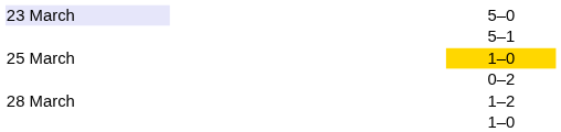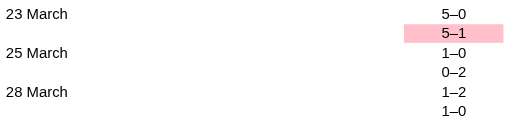 <table cellspacing=1 width=85%>
 <tr>
 <th width=15%></th>
 <th width=25%></th>
 <th width=10%></th>
 <th width=25%></th>
 <th width=25%></th>
 </tr>
 <tr>
-<td style="background: lavender;">23 March</td>
+<td>23 March</td>
 <td align=right></td>
 <td align=center>5–0</td>
 <td></td>
 </tr>
 <tr>
 <td></td>
 <td align=right></td>
-<td align=center>5–1</td>
+<td align=center style="background: pink;">5–1</td>
 <td></td>
 </tr>
 <tr>
 <td>25 March</td>
 <td align=right></td>
-<td align=center style="background: gold;">1–0</td>
+<td align=center>1–0</td>
 <td></td>
 </tr>
 <tr>
 <td></td>
 <td align=right></td>
 <td align=center>0–2</td>
 <td></td>
 </tr>
 <tr>
 <td>28 March</td>
 <td align=right></td>
 <td align=center>1–2</td>
 <td></td>
 </tr>
 <tr>
 <td></td>
 <td align=right></td>
 <td align=center>1–0</td>
 <td></td>
 </tr>
 </table>
